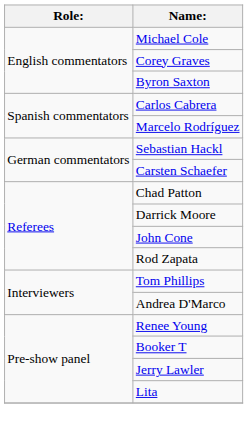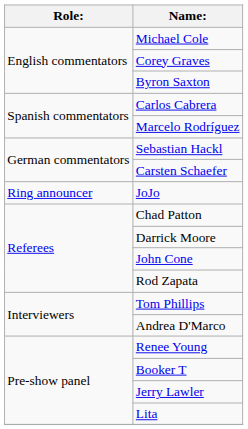 <table class=wikitable style="font-size:90%; margin: 0.5em 0 0.5em 1em; float: right; clear: right;">
 <tr>
 <th>Role:</th>
 <th>Name:</th>
 </tr>
 <tr>
 <td rowspan=3>English commentators</td>
 <td><a href='#'>Michael Cole</a></td>
 </tr>
 <tr>
 <td><a href='#'>Corey Graves</a></td>
 </tr>
 <tr>
 <td><a href='#'>Byron Saxton</a></td>
 </tr>
 <tr>
 <td rowspan=2>Spanish commentators</td>
 <td><a href='#'>Carlos Cabrera</a></td>
 </tr>
 <tr>
 <td><a href='#'>Marcelo Rodríguez</a></td>
 </tr>
 <tr>
 <td rowspan=2>German commentators</td>
 <td><a href='#'>Sebastian Hackl</a></td>
 </tr>
 <tr>
 <td><a href='#'>Carsten Schaefer</a></td>
+</tr>
+<tr>
+<td rowspan=1><a href='#'>Ring announcer</a></td>
+<td><a href='#'>JoJo</a></td>
 </tr>
 <tr>
 <td rowspan=4><a href='#'>Referees</a></td>
 <td>Chad Patton</td>
 </tr>
 <tr>
 <td>Darrick Moore</td>
 </tr>
 <tr>
 <td><a href='#'>John Cone</a></td>
 </tr>
 <tr>
 <td>Rod Zapata</td>
 </tr>
 <tr>
 <td rowspan=2>Interviewers</td>
 <td><a href='#'>Tom Phillips</a></td>
 </tr>
 <tr>
 <td>Andrea D'Marco</td>
 </tr>
 <tr>
 <td rowspan=4>Pre-show panel</td>
 <td><a href='#'>Renee Young</a></td>
 </tr>
 <tr>
 <td><a href='#'>Booker T</a></td>
 </tr>
 <tr>
 <td><a href='#'>Jerry Lawler</a></td>
 </tr>
 <tr>
 <td><a href='#'>Lita</a></td>
 </tr>
 <tr>
 </tr>
 </table>
